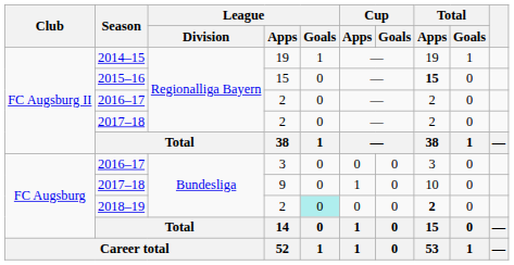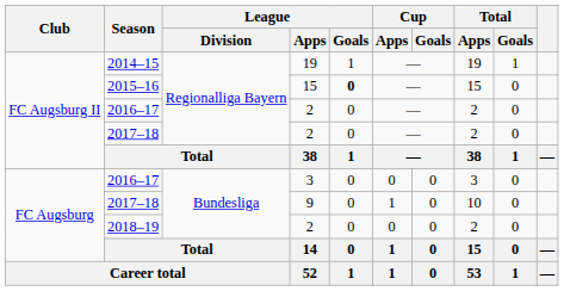 <table class="wikitable" style="text-align:center">
 <tr>
 <th rowspan="2">Club</th>
 <th rowspan="2">Season</th>
 <th colspan="3">League</th>
 <th colspan="2">Cup</th>
 <th colspan="2">Total</th>
 <th rowspan="2"></th>
 </tr>
 <tr>
 <th>Division</th>
 <th>Apps</th>
 <th>Goals</th>
 <th>Apps</th>
 <th>Goals</th>
 <th>Apps</th>
 <th>Goals</th>
 </tr>
 <tr>
 <td rowspan="5"><a href='#'>FC Augsburg II</a></td>
 <td><a href='#'>2014–15</a></td>
 <td rowspan="4"><a href='#'>Regionalliga Bayern</a></td>
 <td>19</td>
 <td>1</td>
 <td colspan="2">—</td>
 <td>19</td>
 <td>1</td>
 <td></td>
 </tr>
 <tr>
 <td><a href='#'>2015–16</a></td>
 <td>15</td>
-<td>0</td>
+<td><strong>0</strong></td>
 <td colspan="2">—</td>
-<td><strong>15</strong></td>
+<td>15</td>
 <td>0</td>
 <td></td>
 </tr>
 <tr>
 <td><a href='#'>2016–17</a></td>
 <td>2</td>
 <td>0</td>
 <td colspan="2">—</td>
 <td>2</td>
 <td>0</td>
 <td></td>
 </tr>
 <tr>
 <td><a href='#'>2017–18</a></td>
 <td>2</td>
 <td>0</td>
 <td colspan="2">—</td>
 <td>2</td>
 <td>0</td>
 <td></td>
 </tr>
 <tr>
 <th colspan="2">Total</th>
 <th>38</th>
 <th>1</th>
 <th colspan="2">—</th>
 <th>38</th>
 <th>1</th>
 <th>—</th>
 </tr>
 <tr>
 <td rowspan="4"><a href='#'>FC Augsburg</a></td>
 <td><a href='#'>2016–17</a></td>
 <td rowspan="3"><a href='#'>Bundesliga</a></td>
 <td>3</td>
 <td>0</td>
 <td>0</td>
 <td>0</td>
 <td>3</td>
 <td>0</td>
 <td></td>
 </tr>
 <tr>
 <td><a href='#'>2017–18</a></td>
 <td>9</td>
 <td>0</td>
 <td>1</td>
 <td>0</td>
 <td>10</td>
 <td>0</td>
 <td></td>
 </tr>
 <tr>
 <td><a href='#'>2018–19</a></td>
 <td>2</td>
-<td style="background: paleturquoise;">0</td>
 <td>0</td>
 <td>0</td>
-<td><strong>2</strong></td>
+<td>0</td>
+<td>2</td>
 <td>0</td>
 <td></td>
 </tr>
 <tr>
 <th colspan="2">Total</th>
 <th>14</th>
 <th>0</th>
 <th>1</th>
 <th>0</th>
 <th>15</th>
 <th>0</th>
 <th>—</th>
 </tr>
 <tr>
 <th colspan="3">Career total</th>
 <th>52</th>
 <th>1</th>
 <th>1</th>
 <th>0</th>
 <th>53</th>
 <th>1</th>
 <th>—</th>
 </tr>
 </table>
